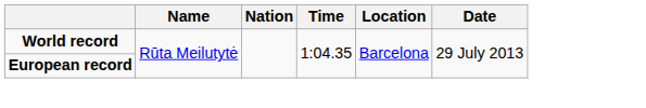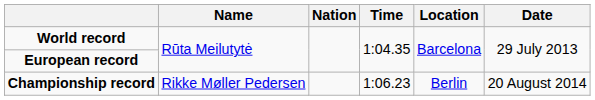 <table class=wikitable style=text-align:center>
 <tr>
 <th></th>
 <th>Name</th>
 <th>Nation</th>
 <th>Time</th>
 <th>Location</th>
 <th>Date</th>
 </tr>
 <tr>
 <td><strong>World record</strong></td>
 <td align=left rowspan=2><a href='#'>Rūta Meilutytė</a></td>
 <td align=left rowspan=2></td>
 <td align=left rowspan=2>1:04.35</td>
 <td rowspan=2><a href='#'>Barcelona</a></td>
 <td rowspan=2>29 July 2013</td>
 </tr>
 <tr>
 <td><strong>European record</strong></td>
 </tr>
+<tr>
+<td><strong>Championship record</strong></td>
+<td align=left><a href='#'>Rikke Møller Pedersen</a></td>
+<td align=left></td>
+<td align=left>1:06.23</td>
+<td><a href='#'>Berlin</a></td>
+<td>20 August 2014</td>
+</tr>
 </table>
